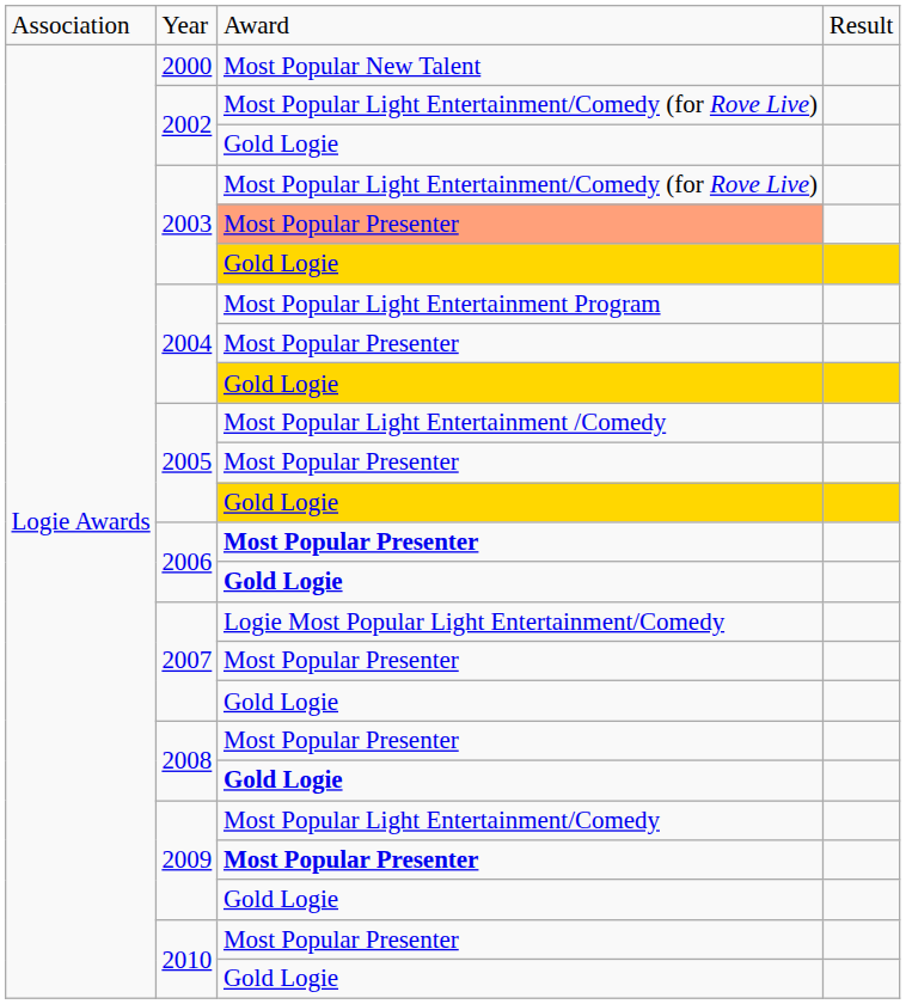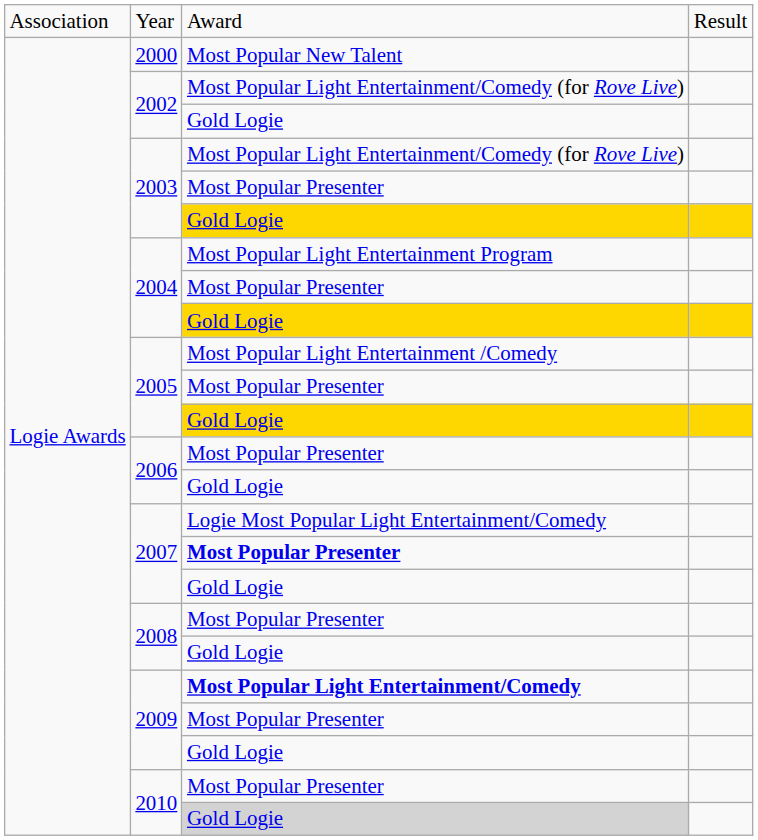 <table class="wikitable sortable">
 <tr>
 <td>Association</td>
 <td>Year</td>
 <td>Award</td>
 <td>Result</td>
 </tr>
 <tr>
 <td rowspan="24"><a href='#'>Logie Awards</a></td>
 <td><a href='#'>2000</a></td>
 <td><a href='#'>Most Popular New Talent</a></td>
 <td></td>
 </tr>
 <tr>
 <td rowspan="2"><a href='#'>2002</a></td>
 <td><a href='#'>Most Popular Light Entertainment/Comedy</a> (for <em><a href='#'>Rove Live</a></em>)</td>
 <td></td>
 </tr>
 <tr>
 <td><a href='#'>Gold Logie</a></td>
 <td></td>
 </tr>
 <tr>
 <td rowspan="3"><a href='#'>2003</a></td>
 <td><a href='#'>Most Popular Light Entertainment/Comedy</a> (for <em><a href='#'>Rove Live</a></em>)</td>
 <td></td>
 </tr>
 <tr>
-<td style="background: lightsalmon;"><a href='#'>Most Popular Presenter</a></td>
+<td><a href='#'>Most Popular Presenter</a></td>
 <td></td>
 </tr>
 <tr bgcolor=gold>
 <td><a href='#'>Gold Logie</a></td>
 <td></td>
 </tr>
 <tr>
 <td rowspan="3"><a href='#'>2004</a></td>
 <td><a href='#'>Most Popular Light Entertainment Program</a></td>
 <td></td>
 </tr>
 <tr>
 <td><a href='#'>Most Popular Presenter</a></td>
 <td></td>
 </tr>
 <tr bgcolor=gold>
 <td><a href='#'>Gold Logie</a></td>
 <td></td>
 </tr>
 <tr>
 <td rowspan="3"><a href='#'>2005</a></td>
 <td><a href='#'>Most Popular Light Entertainment /Comedy</a></td>
 <td></td>
 </tr>
 <tr>
 <td><a href='#'>Most Popular Presenter</a></td>
 <td></td>
 </tr>
 <tr bgcolor=gold>
 <td><a href='#'>Gold Logie</a></td>
 <td></td>
 </tr>
 <tr>
 <td rowspan="2"><a href='#'>2006</a></td>
-<td><strong><a href='#'>Most Popular Presenter</a></strong></td>
+<td><a href='#'>Most Popular Presenter</a></td>
 <td></td>
 </tr>
 <tr>
-<td><strong><a href='#'>Gold Logie</a></strong></td>
+<td><a href='#'>Gold Logie</a></td>
 <td></td>
 </tr>
 <tr>
 <td rowspan="3"><a href='#'>2007</a></td>
 <td><a href='#'>Logie Most Popular Light Entertainment/Comedy</a></td>
 <td></td>
 </tr>
 <tr>
-<td><a href='#'>Most Popular Presenter</a></td>
+<td><strong><a href='#'>Most Popular Presenter</a></strong></td>
 <td></td>
 </tr>
 <tr>
 <td><a href='#'>Gold Logie</a></td>
 <td></td>
 </tr>
 <tr>
 <td rowspan="2"><a href='#'>2008</a></td>
 <td><a href='#'>Most Popular Presenter</a></td>
 <td></td>
 </tr>
 <tr>
-<td><strong><a href='#'>Gold Logie</a></strong></td>
+<td><a href='#'>Gold Logie</a></td>
 <td></td>
 </tr>
 <tr>
 <td rowspan="3"><a href='#'>2009</a></td>
-<td><a href='#'>Most Popular Light Entertainment/Comedy</a></td>
+<td><strong><a href='#'>Most Popular Light Entertainment/Comedy</a></strong></td>
 <td></td>
 </tr>
 <tr>
-<td><strong><a href='#'>Most Popular Presenter</a></strong></td>
+<td><a href='#'>Most Popular Presenter</a></td>
 <td></td>
 </tr>
 <tr>
 <td><a href='#'>Gold Logie</a></td>
 <td></td>
 </tr>
 <tr>
 <td rowspan="2"><a href='#'>2010</a></td>
 <td><a href='#'>Most Popular Presenter</a></td>
 <td></td>
 </tr>
 <tr>
-<td><a href='#'>Gold Logie</a></td>
+<td style="background: lightgrey;"><a href='#'>Gold Logie</a></td>
 <td></td>
 </tr>
 </table>
